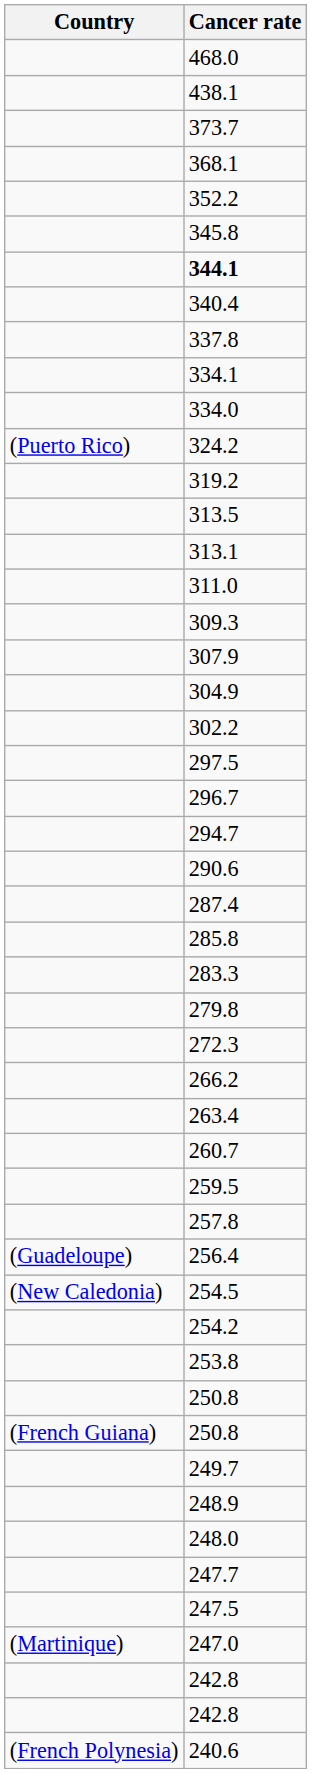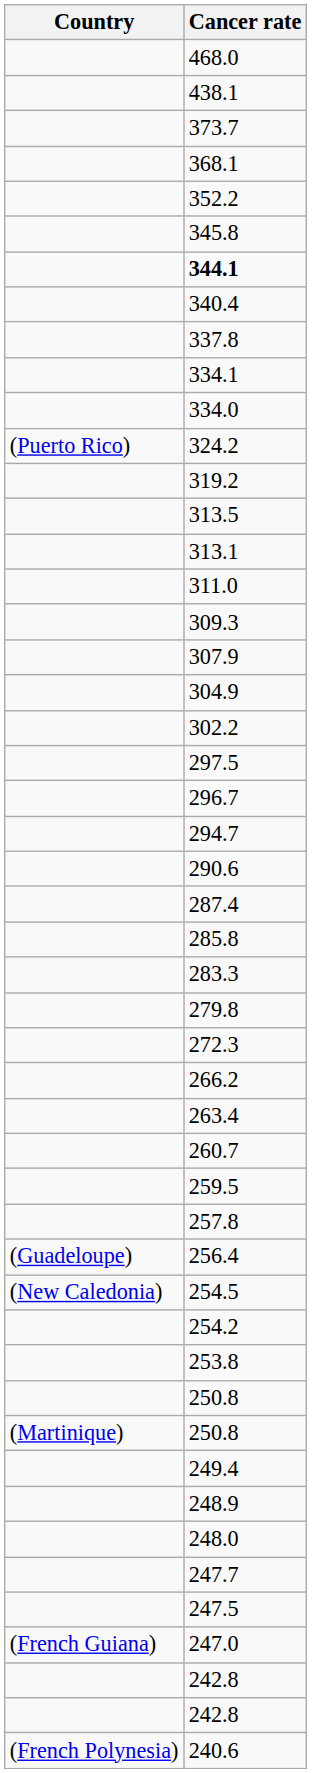 <table class="sortable wikitable static-row-numbers col2center">
 <tr>
 <th>Country</th>
 <th>Cancer rate</th>
 </tr>
 <tr>
 <td></td>
 <td>468.0</td>
 </tr>
 <tr>
 <td></td>
 <td>438.1</td>
 </tr>
 <tr>
 <td></td>
 <td>373.7</td>
 </tr>
 <tr>
 <td></td>
 <td>368.1</td>
 </tr>
 <tr>
 <td></td>
 <td>352.2</td>
 </tr>
 <tr>
 <td></td>
 <td>345.8</td>
 </tr>
 <tr>
 <td></td>
 <td><strong>344.1</strong></td>
 </tr>
 <tr>
 <td></td>
 <td>340.4</td>
 </tr>
 <tr>
 <td></td>
 <td>337.8</td>
 </tr>
 <tr>
 <td></td>
 <td>334.1</td>
 </tr>
 <tr>
 <td></td>
 <td>334.0</td>
 </tr>
 <tr>
 <td> (<a href='#'>Puerto Rico</a>)</td>
 <td>324.2</td>
 </tr>
 <tr>
 <td></td>
 <td>319.2</td>
 </tr>
 <tr>
 <td></td>
 <td>313.5</td>
 </tr>
 <tr>
 <td></td>
 <td>313.1</td>
 </tr>
 <tr>
 <td></td>
 <td>311.0</td>
 </tr>
 <tr>
 <td></td>
 <td>309.3</td>
 </tr>
 <tr>
 <td></td>
 <td>307.9</td>
 </tr>
 <tr>
 <td></td>
 <td>304.9</td>
 </tr>
 <tr>
 <td></td>
 <td>302.2</td>
 </tr>
 <tr>
 <td></td>
 <td>297.5</td>
 </tr>
 <tr>
 <td></td>
 <td>296.7</td>
 </tr>
 <tr>
 <td></td>
 <td>294.7</td>
 </tr>
 <tr>
 <td></td>
 <td>290.6</td>
 </tr>
 <tr>
 <td></td>
 <td>287.4</td>
 </tr>
 <tr>
 <td></td>
 <td>285.8</td>
 </tr>
 <tr>
 <td></td>
 <td>283.3</td>
 </tr>
 <tr>
 <td></td>
 <td>279.8</td>
 </tr>
 <tr>
 <td></td>
 <td>272.3</td>
 </tr>
 <tr>
 <td></td>
 <td>266.2</td>
 </tr>
 <tr>
 <td></td>
 <td>263.4</td>
 </tr>
 <tr>
 <td></td>
 <td>260.7</td>
 </tr>
 <tr>
 <td></td>
 <td>259.5</td>
 </tr>
 <tr>
 <td></td>
 <td>257.8</td>
 </tr>
 <tr>
 <td> (<a href='#'>Guadeloupe</a>)</td>
 <td>256.4</td>
 </tr>
 <tr>
 <td> (<a href='#'>New Caledonia</a>)</td>
 <td>254.5</td>
 </tr>
 <tr>
 <td></td>
 <td>254.2</td>
 </tr>
 <tr>
 <td></td>
 <td>253.8</td>
 </tr>
 <tr>
 <td></td>
 <td>250.8</td>
 </tr>
 <tr>
-<td> (<a href='#'>French Guiana</a>)</td>
+<td> (<a href='#'>Martinique</a>)</td>
 <td>250.8</td>
 </tr>
 <tr>
 <td></td>
-<td>249.7</td>
+<td>249.4</td>
 </tr>
 <tr>
 <td></td>
 <td>248.9</td>
 </tr>
 <tr>
 <td></td>
 <td>248.0</td>
 </tr>
 <tr>
 <td></td>
 <td>247.7</td>
 </tr>
 <tr>
 <td></td>
 <td>247.5</td>
 </tr>
 <tr>
-<td> (<a href='#'>Martinique</a>)</td>
+<td> (<a href='#'>French Guiana</a>)</td>
 <td>247.0</td>
 </tr>
 <tr>
 <td></td>
 <td>242.8</td>
 </tr>
 <tr>
 <td></td>
 <td>242.8</td>
 </tr>
 <tr>
 <td> (<a href='#'>French Polynesia</a>)</td>
 <td>240.6</td>
 </tr>
 </table>
